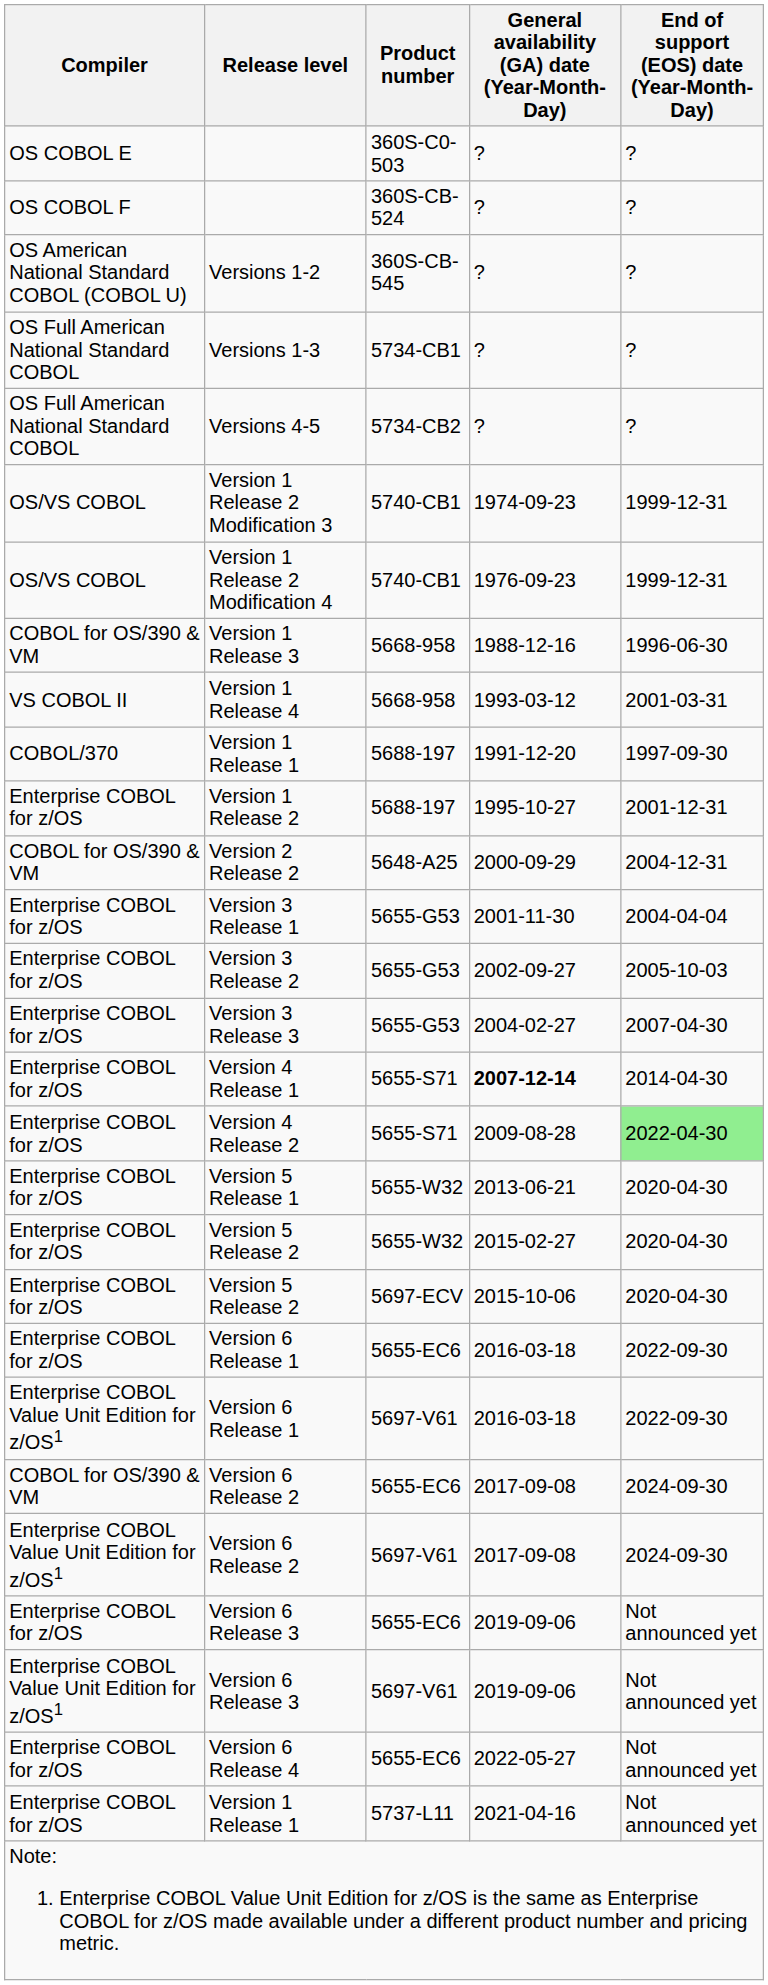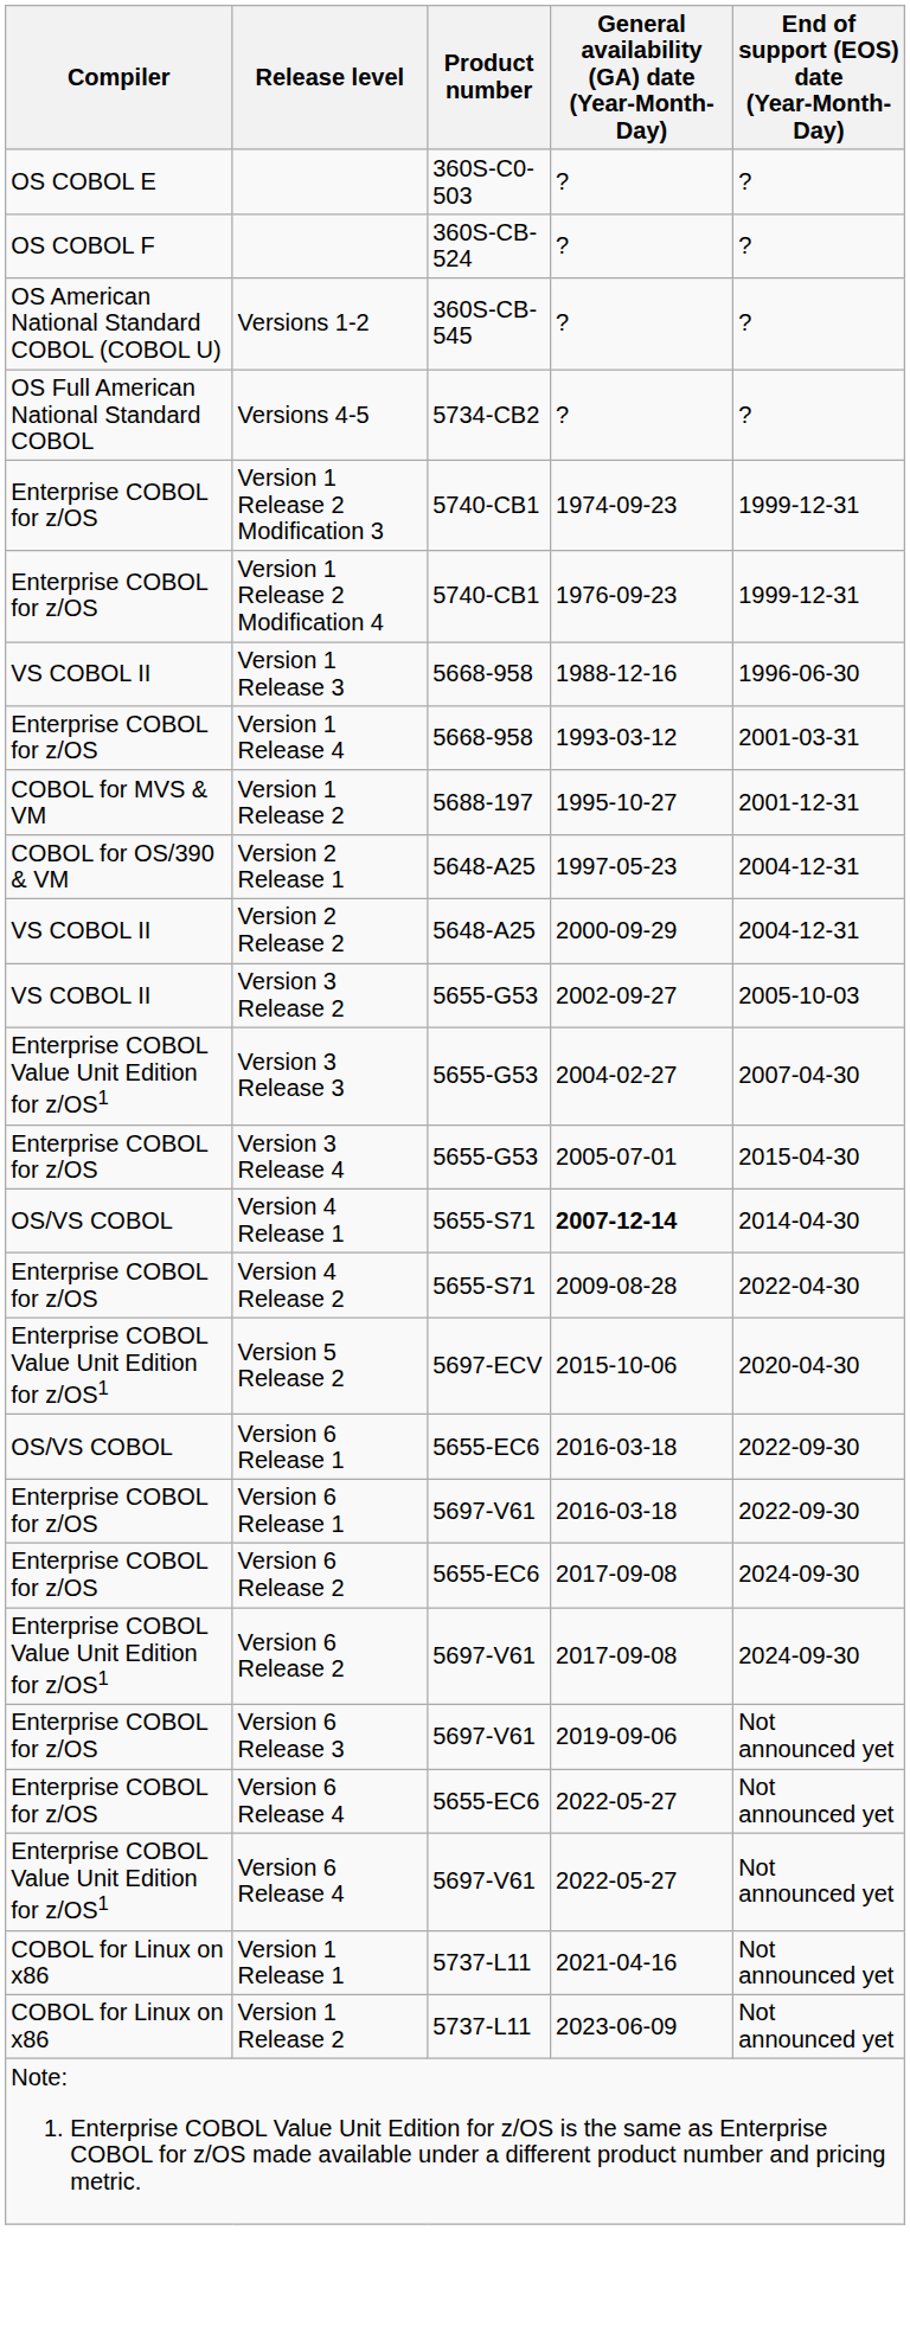 <table class="wikitable">
 <tr>
 <th>Compiler</th>
 <th>Release level</th>
 <th>Product number</th>
 <th>General availability (GA) date<br>(Year-Month-Day)</th>
 <th>End of support (EOS) date<br>(Year-Month-Day)</th>
 </tr>
 <tr>
 <td>OS COBOL E</td>
 <td></td>
 <td>360S-C0-503</td>
 <td>?</td>
 <td>?</td>
 </tr>
 <tr>
 <td>OS COBOL F</td>
 <td></td>
 <td>360S-CB-524</td>
 <td>?</td>
 <td>?</td>
 </tr>
 <tr>
 <td>OS American National Standard COBOL (COBOL U)</td>
 <td>Versions 1-2</td>
 <td>360S-CB-545</td>
 <td>?</td>
 <td>?</td>
 </tr>
 <tr>
 <td>OS Full American National Standard COBOL</td>
-<td>Versions 1-3</td>
-<td>5734-CB1</td>
-<td>?</td>
-<td>?</td>
-</tr>
-<tr>
-<td>OS Full American National Standard COBOL</td>
 <td>Versions 4-5</td>
 <td>5734-CB2</td>
 <td>?</td>
 <td>?</td>
 </tr>
 <tr>
-<td>OS/VS COBOL</td>
+<td>Enterprise COBOL for z/OS</td>
 <td>Version 1 Release 2 Modification 3</td>
 <td>5740-CB1</td>
 <td>1974-09-23</td>
 <td>1999-12-31</td>
 </tr>
 <tr>
-<td>OS/VS COBOL</td>
+<td>Enterprise COBOL for z/OS</td>
 <td>Version 1 Release 2 Modification 4</td>
 <td>5740-CB1</td>
 <td>1976-09-23</td>
 <td>1999-12-31</td>
 </tr>
 <tr>
-<td>COBOL for OS/390 & VM</td>
+<td>VS COBOL II</td>
 <td>Version 1 Release 3</td>
 <td>5668-958</td>
 <td>1988-12-16</td>
 <td>1996-06-30</td>
 </tr>
 <tr>
-<td>VS COBOL II</td>
+<td>Enterprise COBOL for z/OS</td>
 <td>Version 1 Release 4</td>
 <td>5668-958</td>
 <td>1993-03-12</td>
 <td>2001-03-31</td>
 </tr>
 <tr>
-<td>COBOL/370</td>
-<td>Version 1 Release 1</td>
-<td>5688-197</td>
-<td>1991-12-20</td>
-<td>1997-09-30</td>
-</tr>
-<tr>
-<td>Enterprise COBOL for z/OS</td>
+<td>COBOL for MVS & VM</td>
 <td>Version 1 Release 2</td>
 <td>5688-197</td>
 <td>1995-10-27</td>
 <td>2001-12-31</td>
 </tr>
 <tr>
 <td>COBOL for OS/390 & VM</td>
+<td>Version 2 Release 1</td>
+<td>5648-A25</td>
+<td>1997-05-23</td>
+<td>2004-12-31</td>
+</tr>
+<tr>
+<td>VS COBOL II</td>
 <td>Version 2 Release 2</td>
 <td>5648-A25</td>
 <td>2000-09-29</td>
 <td>2004-12-31</td>
 </tr>
 <tr>
-<td>Enterprise COBOL for z/OS</td>
-<td>Version 3 Release 1</td>
-<td>5655-G53</td>
-<td>2001-11-30</td>
-<td>2004-04-04</td>
-</tr>
-<tr>
-<td>Enterprise COBOL for z/OS</td>
+<td>VS COBOL II</td>
 <td>Version 3 Release 2</td>
 <td>5655-G53</td>
 <td>2002-09-27</td>
 <td>2005-10-03</td>
 </tr>
 <tr>
-<td>Enterprise COBOL for z/OS</td>
+<td>Enterprise COBOL Value Unit Edition for z/OS<sup>1</sup></td>
 <td>Version 3 Release 3</td>
 <td>5655-G53</td>
 <td>2004-02-27</td>
 <td>2007-04-30</td>
 </tr>
 <tr>
 <td>Enterprise COBOL for z/OS</td>
+<td>Version 3 Release 4</td>
+<td>5655-G53</td>
+<td>2005-07-01</td>
+<td>2015-04-30</td>
+</tr>
+<tr>
+<td>OS/VS COBOL</td>
 <td>Version 4 Release 1</td>
 <td>5655-S71</td>
 <td><strong>2007-12-14</strong></td>
 <td>2014-04-30</td>
 </tr>
 <tr>
 <td>Enterprise COBOL for z/OS</td>
 <td>Version 4 Release 2</td>
 <td>5655-S71</td>
 <td>2009-08-28</td>
-<td style="background: lightgreen;">2022-04-30</td>
+<td>2022-04-30</td>
 </tr>
 <tr>
-<td>Enterprise COBOL for z/OS</td>
-<td>Version 5 Release 1</td>
-<td>5655-W32</td>
-<td>2013-06-21</td>
-<td>2020-04-30</td>
-</tr>
-<tr>
-<td>Enterprise COBOL for z/OS</td>
-<td>Version 5 Release 2</td>
-<td>5655-W32</td>
-<td>2015-02-27</td>
-<td>2020-04-30</td>
-</tr>
-<tr>
-<td>Enterprise COBOL for z/OS</td>
+<td>Enterprise COBOL Value Unit Edition for z/OS<sup>1</sup></td>
 <td>Version 5 Release 2</td>
 <td>5697-ECV</td>
 <td>2015-10-06</td>
 <td>2020-04-30</td>
 </tr>
 <tr>
-<td>Enterprise COBOL for z/OS</td>
+<td>OS/VS COBOL</td>
 <td>Version 6 Release 1</td>
 <td>5655-EC6</td>
 <td>2016-03-18</td>
 <td>2022-09-30</td>
 </tr>
 <tr>
-<td>Enterprise COBOL Value Unit Edition for z/OS<sup>1</sup></td>
+<td>Enterprise COBOL for z/OS</td>
 <td>Version 6 Release 1</td>
 <td>5697-V61</td>
 <td>2016-03-18</td>
 <td>2022-09-30</td>
 </tr>
 <tr>
-<td>COBOL for OS/390 & VM</td>
+<td>Enterprise COBOL for z/OS</td>
 <td>Version 6 Release 2</td>
 <td>5655-EC6</td>
 <td>2017-09-08</td>
 <td>2024-09-30</td>
 </tr>
 <tr>
 <td>Enterprise COBOL Value Unit Edition for z/OS<sup>1</sup></td>
 <td>Version 6 Release 2</td>
 <td>5697-V61</td>
 <td>2017-09-08</td>
 <td>2024-09-30</td>
 </tr>
 <tr>
 <td>Enterprise COBOL for z/OS</td>
 <td>Version 6 Release 3</td>
-<td>5655-EC6</td>
-<td>2019-09-06</td>
-<td>Not announced yet</td>
-</tr>
-<tr>
-<td>Enterprise COBOL Value Unit Edition for z/OS<sup>1</sup></td>
-<td>Version 6 Release 3</td>
 <td>5697-V61</td>
 <td>2019-09-06</td>
 <td>Not announced yet</td>
 </tr>
 <tr>
 <td>Enterprise COBOL for z/OS</td>
 <td>Version 6 Release 4</td>
 <td>5655-EC6</td>
 <td>2022-05-27</td>
 <td>Not announced yet</td>
 </tr>
 <tr>
-<td>Enterprise COBOL for z/OS</td>
+<td>Enterprise COBOL Value Unit Edition for z/OS<sup>1</sup></td>
+<td>Version 6 Release 4</td>
+<td>5697-V61</td>
+<td>2022-05-27</td>
+<td>Not announced yet</td>
+</tr>
+<tr>
+<td>COBOL for Linux on x86</td>
 <td>Version 1 Release 1</td>
 <td>5737-L11</td>
 <td>2021-04-16</td>
 <td>Not announced yet</td>
 </tr>
 <tr>
+<td>COBOL for Linux on x86</td>
+<td>Version 1 Release 2</td>
+<td>5737-L11</td>
+<td>2023-06-09</td>
+<td>Not announced yet</td>
+</tr>
+<tr>
 <td colspan="5">Note:<br><ol><li>Enterprise COBOL Value Unit Edition for z/OS is the same as Enterprise COBOL for z/OS made available under a different product number and pricing metric.</li></ol></td>
 </tr>
 </table>
